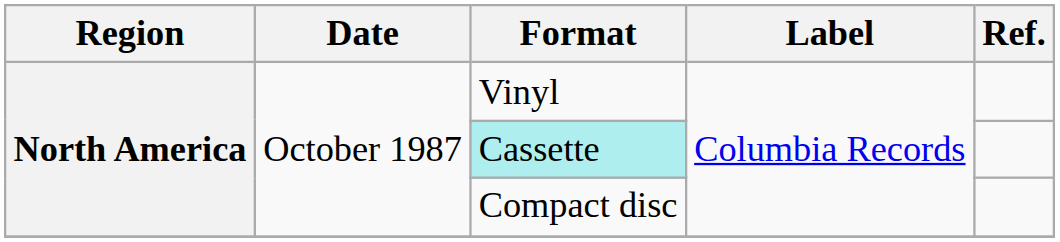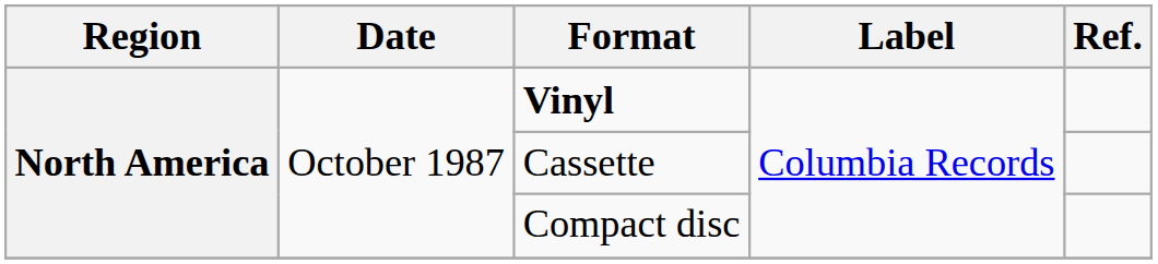 <table class="wikitable plainrowheaders">
 <tr>
 <th scope="col">Region</th>
 <th scope="col">Date</th>
 <th scope="col">Format</th>
 <th scope="col">Label</th>
 <th scope="col">Ref.</th>
 </tr>
 <tr>
 <th scope="row" rowspan="3">North America</th>
 <td rowspan="3">October 1987</td>
-<td>Vinyl</td>
+<td><strong>Vinyl</strong></td>
 <td rowspan="3"><a href='#'>Columbia Records</a></td>
 <td></td>
 </tr>
 <tr>
-<td style="background: paleturquoise;">Cassette</td>
+<td>Cassette</td>
 <td></td>
 </tr>
 <tr>
 <td>Compact disc</td>
 <td></td>
 </tr>
 <tr>
 </tr>
 </table>
